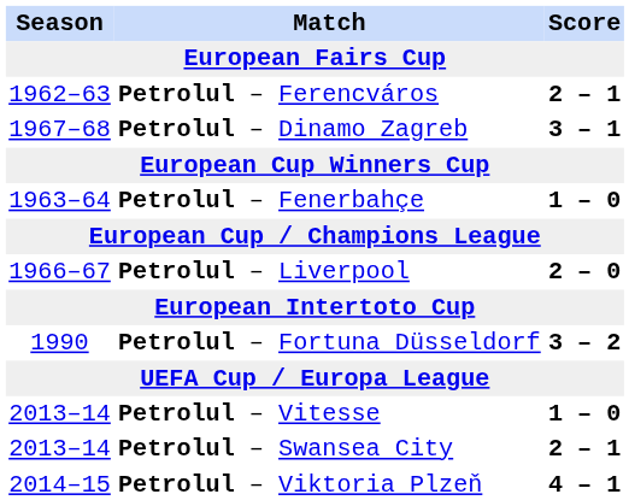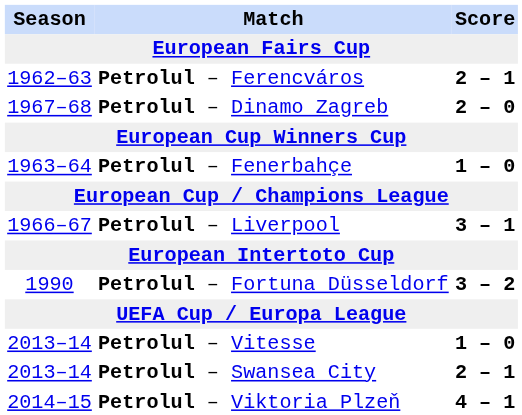 <table class="toccolours" border="0" cellpadding="2" cellspacing="0" align="left" style="margin:0.5em;">
 <tr bgcolor=#CADCFB>
 <th>Season</th>
 <th>Match</th>
 <th>Score</th>
 </tr>
 <tr>
 <th colspan="4" bgcolor=#EFEFEF><a href='#'>European Fairs Cup</a></th>
 </tr>
 <tr>
 <td align="center"><a href='#'>1962–63</a></td>
 <td align="left"><strong>Petrolul</strong> –  <a href='#'>Ferencváros</a></td>
 <td align="center"><strong>2 – 1</strong></td>
 </tr>
 <tr>
 <td align="center"><a href='#'>1967–68</a></td>
 <td align="left"><strong>Petrolul</strong> –  <a href='#'>Dinamo Zagreb</a></td>
-<td align="center"><strong>3 – 1</strong></td>
+<td align="center"><strong>2 – 0</strong></td>
 </tr>
 <tr>
 <th colspan="4" bgcolor=#EFEFEF><a href='#'>European Cup Winners Cup</a></th>
 </tr>
 <tr>
 <td align="center"><a href='#'>1963–64</a></td>
 <td align="left"><strong>Petrolul</strong> –  <a href='#'>Fenerbahçe</a></td>
 <td align="center"><strong>1 – 0</strong></td>
 </tr>
 <tr>
 <th colspan="4" bgcolor=#EFEFEF><a href='#'>European Cup / Champions League</a></th>
 </tr>
 <tr>
 <td align="center"><a href='#'>1966–67</a></td>
 <td align="left"><strong>Petrolul</strong> –  <a href='#'>Liverpool</a></td>
-<td align="center"><strong>2 – 0</strong></td>
+<td align="center"><strong>3 – 1</strong></td>
 </tr>
 <tr>
 <th colspan="4" bgcolor=#EFEFEF><a href='#'>European Intertoto Cup</a></th>
 </tr>
 <tr>
 <td align="center"><a href='#'>1990</a></td>
 <td align="left"><strong>Petrolul</strong> –  <a href='#'>Fortuna Düsseldorf</a></td>
 <td align="center"><strong>3 – 2</strong></td>
 </tr>
 <tr>
 <th colspan="4" bgcolor=#EFEFEF><a href='#'>UEFA Cup / Europa League</a></th>
 </tr>
 <tr>
 <td align="center"><a href='#'>2013–14</a></td>
 <td align="left"><strong>Petrolul</strong> –  <a href='#'>Vitesse</a></td>
 <td align="center"><strong>1 – 0</strong></td>
 </tr>
 <tr>
 <td align="center"><a href='#'>2013–14</a></td>
 <td align="left"><strong>Petrolul</strong> –  <a href='#'>Swansea City</a></td>
 <td align="center"><strong>2 – 1</strong></td>
 </tr>
 <tr>
 <td align="center"><a href='#'>2014–15</a></td>
 <td align="left"><strong>Petrolul</strong> –   <a href='#'>Viktoria Plzeň</a></td>
 <td align="center"><strong>4 – 1</strong></td>
 </tr>
 <tr>
 </tr>
 </table>
